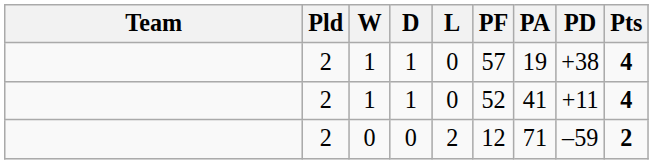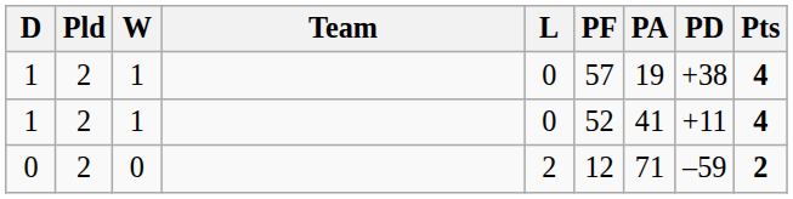 <table class="wikitable" style="text-align:center;">
 <tr>
-<th width=190>Team</th>
+<th width=20 abbr="Drawn">D</th>
 <th width=20 abbr="Played">Pld</th>
 <th width=20 abbr="Won">W</th>
-<th width=20 abbr="Drawn">D</th>
+<th width=190>Team</th>
 <th width=20 abbr="Lost">L</th>
 <th width=20 abbr="Points for">PF</th>
 <th width=20 abbr="Points against">PA</th>
 <th width=25 abbr="Points difference">PD</th>
 <th width=20 abbr="Points">Pts</th>
 </tr>
 <tr>
-<td align=left></td>
+<td>1</td>
 <td>2</td>
 <td>1</td>
-<td>1</td>
+<td align=left></td>
 <td>0</td>
 <td>57</td>
 <td>19</td>
 <td>+38</td>
 <td><strong>4</strong></td>
 </tr>
 <tr>
-<td align=left></td>
+<td>1</td>
 <td>2</td>
 <td>1</td>
-<td>1</td>
+<td align=left></td>
 <td>0</td>
 <td>52</td>
 <td>41</td>
 <td>+11</td>
 <td><strong>4</strong></td>
 </tr>
 <tr>
-<td align=left></td>
+<td>0</td>
 <td>2</td>
 <td>0</td>
-<td>0</td>
+<td align=left></td>
 <td>2</td>
 <td>12</td>
 <td>71</td>
 <td>–59</td>
 <td><strong>2</strong></td>
 </tr>
 </table>
